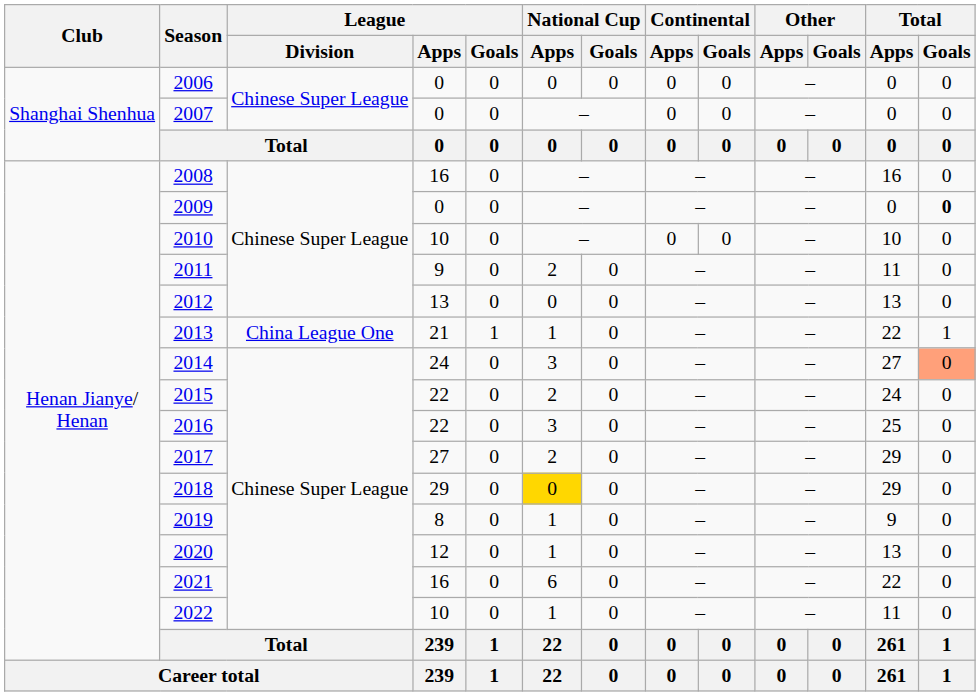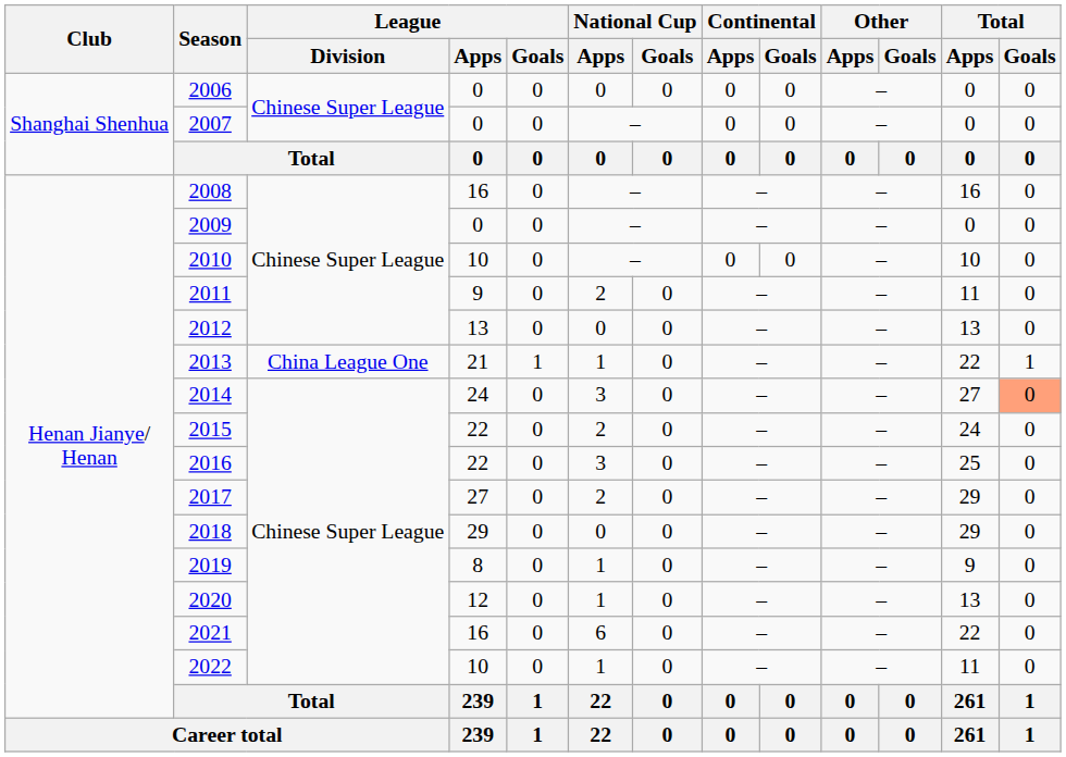 <table class="wikitable" style="text-align: center">
 <tr>
 <th rowspan="2">Club</th>
 <th rowspan="2">Season</th>
 <th colspan="3">League</th>
 <th colspan="2">National Cup</th>
 <th colspan="2">Continental</th>
 <th colspan="2">Other</th>
 <th colspan="2">Total</th>
 </tr>
 <tr>
 <th>Division</th>
 <th>Apps</th>
 <th>Goals</th>
 <th>Apps</th>
 <th>Goals</th>
 <th>Apps</th>
 <th>Goals</th>
 <th>Apps</th>
 <th>Goals</th>
 <th>Apps</th>
 <th>Goals</th>
 </tr>
 <tr>
 <td rowspan="3"><a href='#'>Shanghai Shenhua</a></td>
 <td><a href='#'>2006</a></td>
 <td rowspan="2"><a href='#'>Chinese Super League</a></td>
 <td>0</td>
 <td>0</td>
 <td>0</td>
 <td>0</td>
 <td>0</td>
 <td>0</td>
 <td colspan="2">–</td>
 <td>0</td>
 <td>0</td>
 </tr>
 <tr>
 <td><a href='#'>2007</a></td>
 <td>0</td>
 <td>0</td>
 <td colspan="2">–</td>
 <td>0</td>
 <td>0</td>
 <td colspan="2">–</td>
 <td>0</td>
 <td>0</td>
 </tr>
 <tr>
 <th colspan="2"><strong>Total</strong></th>
 <th>0</th>
 <th>0</th>
 <th>0</th>
 <th>0</th>
 <th>0</th>
 <th>0</th>
 <th>0</th>
 <th>0</th>
 <th>0</th>
 <th>0</th>
 </tr>
 <tr>
 <td rowspan="16"><a href='#'>Henan Jianye</a>/<br><a href='#'>Henan</a></td>
 <td><a href='#'>2008</a></td>
 <td rowspan="5">Chinese Super League</td>
 <td>16</td>
 <td>0</td>
 <td colspan="2">–</td>
 <td colspan="2">–</td>
 <td colspan="2">–</td>
 <td>16</td>
 <td>0</td>
 </tr>
 <tr>
 <td><a href='#'>2009</a></td>
 <td>0</td>
 <td>0</td>
 <td colspan="2">–</td>
 <td colspan="2">–</td>
 <td colspan="2">–</td>
 <td>0</td>
-<td><strong>0</strong></td>
+<td>0</td>
 </tr>
 <tr>
 <td><a href='#'>2010</a></td>
 <td>10</td>
 <td>0</td>
 <td colspan="2">–</td>
 <td>0</td>
 <td>0</td>
 <td colspan="2">–</td>
 <td>10</td>
 <td>0</td>
 </tr>
 <tr>
 <td><a href='#'>2011</a></td>
 <td>9</td>
 <td>0</td>
 <td>2</td>
 <td>0</td>
 <td colspan="2">–</td>
 <td colspan="2">–</td>
 <td>11</td>
 <td>0</td>
 </tr>
 <tr>
 <td><a href='#'>2012</a></td>
 <td>13</td>
 <td>0</td>
 <td>0</td>
 <td>0</td>
 <td colspan="2">–</td>
 <td colspan="2">–</td>
 <td>13</td>
 <td>0</td>
 </tr>
 <tr>
 <td><a href='#'>2013</a></td>
 <td><a href='#'>China League One</a></td>
 <td>21</td>
 <td>1</td>
 <td>1</td>
 <td>0</td>
 <td colspan="2">–</td>
 <td colspan="2">–</td>
 <td>22</td>
 <td>1</td>
 </tr>
 <tr>
 <td><a href='#'>2014</a></td>
 <td rowspan="9">Chinese Super League</td>
 <td>24</td>
 <td>0</td>
 <td>3</td>
 <td>0</td>
 <td colspan="2">–</td>
 <td colspan="2">–</td>
 <td>27</td>
 <td style="background: lightsalmon;">0</td>
 </tr>
 <tr>
 <td><a href='#'>2015</a></td>
 <td>22</td>
 <td>0</td>
 <td>2</td>
 <td>0</td>
 <td colspan="2">–</td>
 <td colspan="2">–</td>
 <td>24</td>
 <td>0</td>
 </tr>
 <tr>
 <td><a href='#'>2016</a></td>
 <td>22</td>
 <td>0</td>
 <td>3</td>
 <td>0</td>
 <td colspan="2">–</td>
 <td colspan="2">–</td>
 <td>25</td>
 <td>0</td>
 </tr>
 <tr>
 <td><a href='#'>2017</a></td>
 <td>27</td>
 <td>0</td>
 <td>2</td>
 <td>0</td>
 <td colspan="2">–</td>
 <td colspan="2">–</td>
 <td>29</td>
 <td>0</td>
 </tr>
 <tr>
 <td><a href='#'>2018</a></td>
 <td>29</td>
 <td>0</td>
-<td style="background: gold;">0</td>
+<td>0</td>
 <td>0</td>
 <td colspan="2">–</td>
 <td colspan="2">–</td>
 <td>29</td>
 <td>0</td>
 </tr>
 <tr>
 <td><a href='#'>2019</a></td>
 <td>8</td>
 <td>0</td>
 <td>1</td>
 <td>0</td>
 <td colspan="2">–</td>
 <td colspan="2">–</td>
 <td>9</td>
 <td>0</td>
 </tr>
 <tr>
 <td><a href='#'>2020</a></td>
 <td>12</td>
 <td>0</td>
 <td>1</td>
 <td>0</td>
 <td colspan="2">–</td>
 <td colspan="2">–</td>
 <td>13</td>
 <td>0</td>
 </tr>
 <tr>
 <td><a href='#'>2021</a></td>
 <td>16</td>
 <td>0</td>
 <td>6</td>
 <td>0</td>
 <td colspan="2">–</td>
 <td colspan="2">–</td>
 <td>22</td>
 <td>0</td>
 </tr>
 <tr>
 <td><a href='#'>2022</a></td>
 <td>10</td>
 <td>0</td>
 <td>1</td>
 <td>0</td>
 <td colspan="2">–</td>
 <td colspan="2">–</td>
 <td>11</td>
 <td>0</td>
 </tr>
 <tr>
 <th colspan="2"><strong>Total</strong></th>
 <th>239</th>
 <th>1</th>
 <th>22</th>
 <th>0</th>
 <th>0</th>
 <th>0</th>
 <th>0</th>
 <th>0</th>
 <th>261</th>
 <th>1</th>
 </tr>
 <tr>
 <th colspan="3">Career total</th>
 <th>239</th>
 <th>1</th>
 <th>22</th>
 <th>0</th>
 <th>0</th>
 <th>0</th>
 <th>0</th>
 <th>0</th>
 <th>261</th>
 <th>1</th>
 </tr>
 </table>
